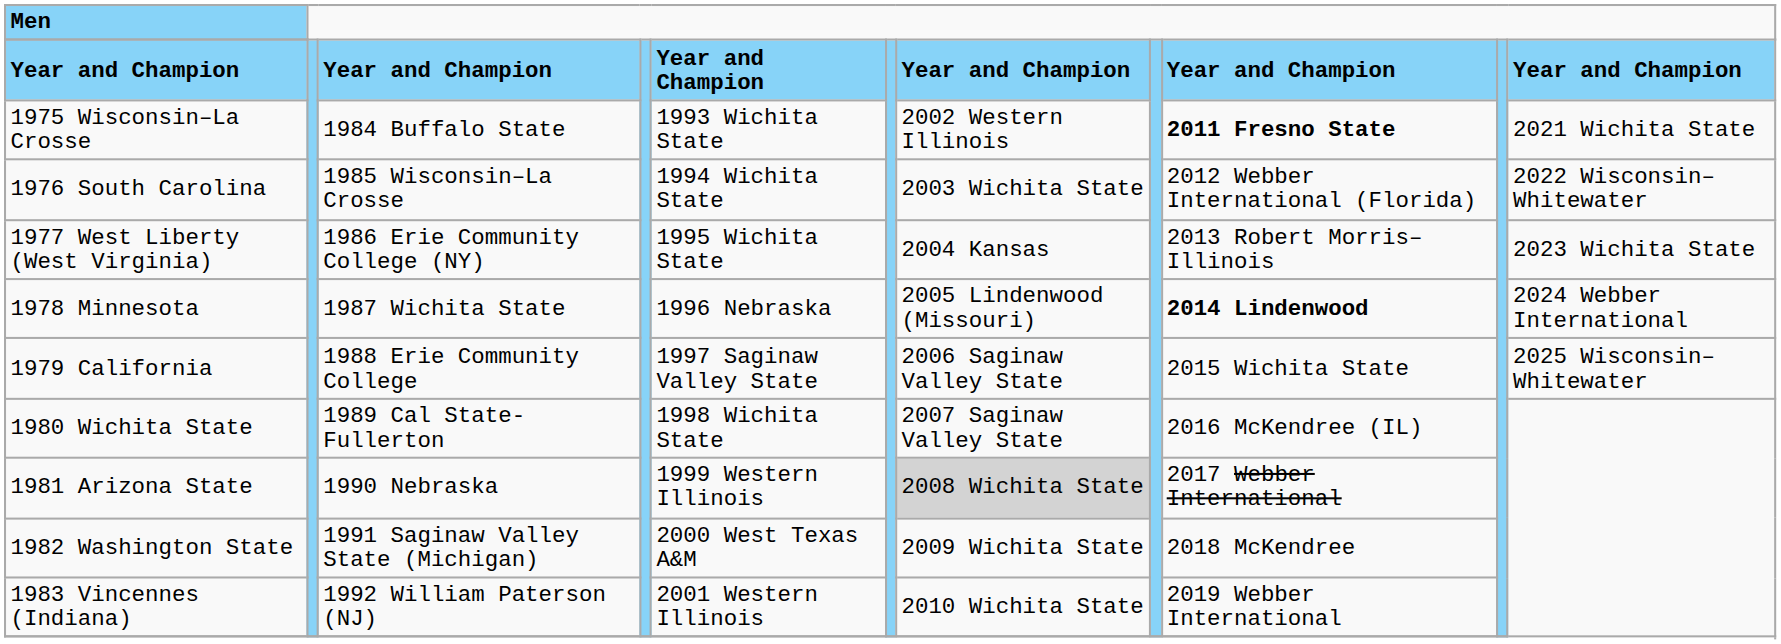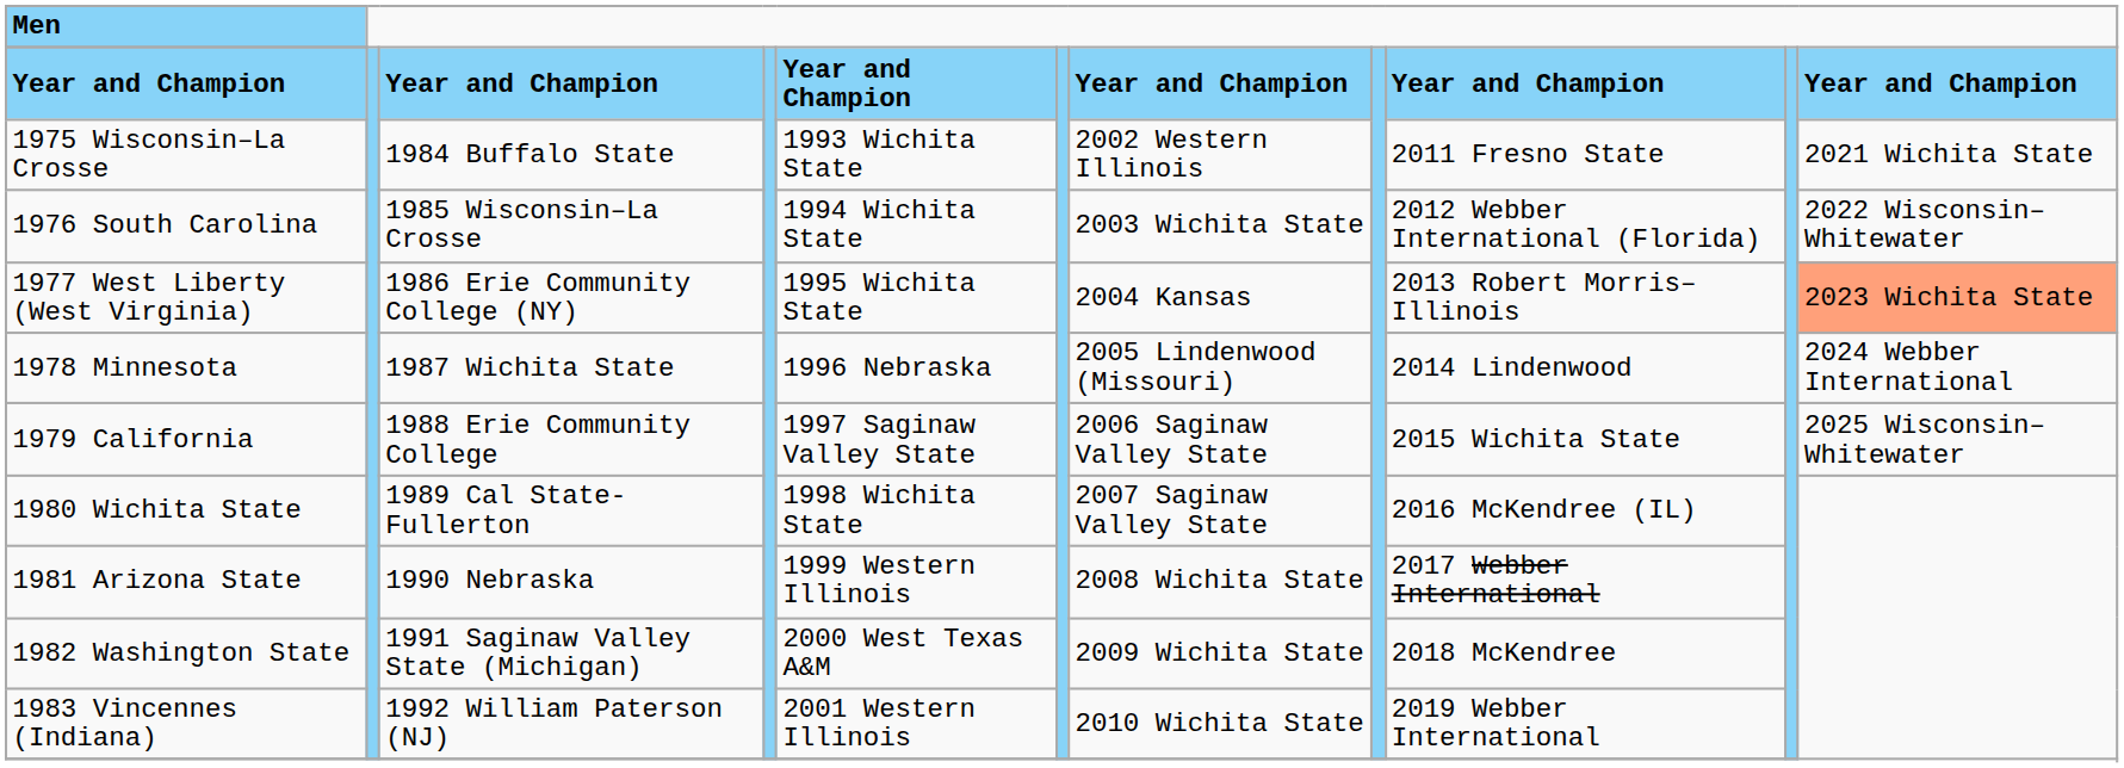 <table class="wikitable" style="font-size:85%;">
 <tr ! style="background-color: #87D3F8;">
 <td><strong>Men</strong></td>
 </tr>
 <tr>
 </tr>
 <tr>
 </tr>
 <tr>
 </tr>
 <tr>
 </tr>
 <tr --->
 </tr>
 <tr ! style="background-color: #87D3F8;">
 <td><strong>Year and Champion</strong></td>
 <td rowspan=10></td>
 <td><strong>Year and Champion</strong></td>
 <td rowspan=10></td>
 <td><strong>Year and Champion</strong></td>
 <td rowspan=10></td>
 <td><strong>Year and Champion</strong></td>
 <td rowspan=10></td>
 <td><strong>Year and Champion</strong></td>
 <td rowspan=10></td>
 <td><strong>Year and Champion</strong></td>
 </tr>
 <tr --->
 <td>1975 Wisconsin–La Crosse</td>
 <td>1984 Buffalo State</td>
 <td>1993 Wichita State</td>
 <td>2002 Western Illinois</td>
-<td><strong>2011 Fresno State</strong></td>
+<td>2011 Fresno State</td>
 <td>2021 Wichita State</td>
 </tr>
 <tr --->
 <td>1976 South Carolina</td>
 <td>1985 Wisconsin–La Crosse</td>
 <td>1994 Wichita State</td>
 <td>2003 Wichita State</td>
 <td>2012 Webber International (Florida)</td>
 <td>2022 Wisconsin–Whitewater</td>
 </tr>
 <tr --->
 <td>1977 West Liberty (West Virginia)</td>
 <td>1986 Erie Community College (NY)</td>
 <td>1995 Wichita State</td>
 <td>2004 Kansas</td>
 <td>2013 Robert Morris–Illinois</td>
-<td>2023 Wichita State</td>
+<td style="background: lightsalmon;">2023 Wichita State</td>
 </tr>
 <tr --->
 <td>1978 Minnesota</td>
 <td>1987 Wichita State</td>
 <td>1996 Nebraska</td>
 <td>2005 Lindenwood (Missouri)</td>
-<td><strong>2014 Lindenwood</strong></td>
+<td>2014 Lindenwood</td>
 <td>2024 Webber International</td>
 </tr>
 <tr --->
 <td>1979 California</td>
 <td>1988 Erie Community College</td>
 <td>1997 Saginaw Valley State</td>
 <td>2006 Saginaw Valley State</td>
 <td>2015 Wichita State</td>
 <td>2025 Wisconsin–Whitewater</td>
 </tr>
 <tr --->
 <td>1980 Wichita State</td>
 <td>1989 Cal State-Fullerton</td>
 <td>1998 Wichita State</td>
 <td>2007 Saginaw Valley State</td>
 <td>2016 McKendree (IL)</td>
 </tr>
 <tr --->
 <td>1981 Arizona State</td>
 <td>1990 Nebraska</td>
 <td>1999 Western Illinois</td>
-<td style="background: lightgrey;">2008 Wichita State</td>
+<td>2008 Wichita State</td>
 <td>2017 <s>Webber International</s></td>
 </tr>
 <tr --->
 <td>1982 Washington State</td>
 <td>1991 Saginaw Valley State (Michigan)</td>
 <td>2000 West Texas A&M</td>
 <td>2009 Wichita State</td>
 <td>2018 McKendree</td>
 </tr>
 <tr --->
 <td>1983 Vincennes (Indiana)</td>
 <td>1992 William Paterson (NJ)</td>
 <td>2001 Western Illinois</td>
 <td>2010 Wichita State</td>
 <td>2019 Webber International</td>
 </tr>
 <tr --->
 </tr>
 </table>
